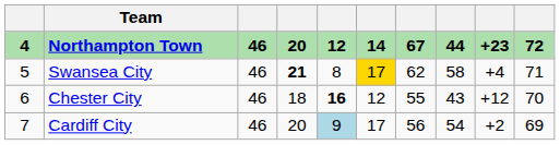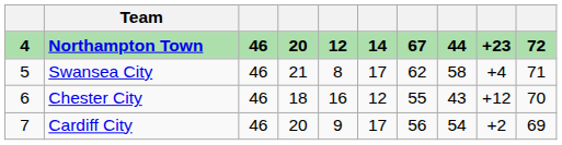 <table class="wikitable" style="text-align:center">
 <tr>
 <th width="30"></th>
 <th width="175">Team</th>
 <th width="30"></th>
 <th width="30"></th>
 <th width="30"></th>
 <th width="30"></th>
 <th width="30"></th>
 <th width="30"></th>
 <th width="30"></th>
 <th width="30"></th>
 </tr>
 <tr style="background:#addfad;">
 <td><strong>4</strong></td>
 <td align=left><strong><a href='#'>Northampton Town</a></strong></td>
 <td><strong>46</strong></td>
 <td><strong>20</strong></td>
 <td><strong>12</strong></td>
 <td><strong>14</strong></td>
 <td><strong>67</strong></td>
 <td><strong>44</strong></td>
 <td><strong>+23</strong></td>
 <td><strong>72</strong></td>
 </tr>
 <tr>
 <td>5</td>
 <td align=left><a href='#'>Swansea City</a></td>
 <td>46</td>
-<td><strong>21</strong></td>
+<td>21</td>
 <td>8</td>
-<td style="background: gold;">17</td>
+<td>17</td>
 <td>62</td>
 <td>58</td>
 <td>+4</td>
 <td>71</td>
 </tr>
 <tr>
 <td>6</td>
 <td align=left><a href='#'>Chester City</a></td>
 <td>46</td>
 <td>18</td>
-<td><strong>16</strong></td>
+<td>16</td>
 <td>12</td>
 <td>55</td>
 <td>43</td>
 <td>+12</td>
 <td>70</td>
 </tr>
 <tr>
 <td>7</td>
 <td align=left><a href='#'>Cardiff City</a></td>
 <td>46</td>
 <td>20</td>
-<td style="background: lightblue;">9</td>
+<td>9</td>
 <td>17</td>
 <td>56</td>
 <td>54</td>
 <td>+2</td>
 <td>69</td>
 </tr>
 </table>
